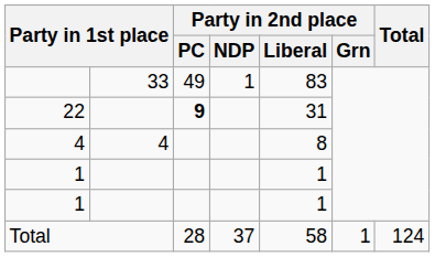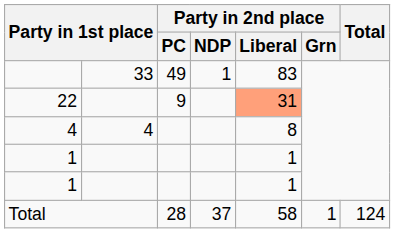 <table class="wikitable" style="text-align:right;">
 <tr>
 <th rowspan="2" colspan="2" style="text-align:left;">Party in 1st place</th>
 <th colspan="4">Party in 2nd place</th>
 <th rowspan="2">Total</th>
 </tr>
 <tr>
 <th>PC</th>
 <th>NDP</th>
 <th>Liberal</th>
 <th>Grn</th>
 </tr>
 <tr>
 <td></td>
 <td>33</td>
 <td>49</td>
 <td>1</td>
 <td>83</td>
 </tr>
 <tr>
 <td>22</td>
 <td></td>
-<td><strong>9</strong></td>
+<td>9</td>
 <td></td>
-<td>31</td>
+<td style="background: lightsalmon;">31</td>
 </tr>
 <tr>
 <td>4</td>
 <td>4</td>
 <td></td>
 <td></td>
 <td>8</td>
 </tr>
 <tr>
 <td>1</td>
 <td></td>
 <td></td>
 <td></td>
 <td>1</td>
 </tr>
 <tr>
 <td>1</td>
 <td></td>
 <td></td>
 <td></td>
 <td>1</td>
 </tr>
 <tr>
 <td colspan="2" style="text-align:left;">Total</td>
 <td>28</td>
 <td>37</td>
 <td>58</td>
 <td>1</td>
 <td>124</td>
 </tr>
 </table>
